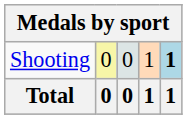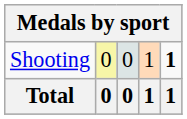 <table class="wikitable" style="font-size:90%; text-align:center;">
 <tr>
 <th colspan="5">Medals by sport</th>
 </tr>
 <tr>
 <td align="left"><a href='#'>Shooting</a></td>
 <td style="background:#F7F6A8;">0</td>
 <td style="background:#DCE5E5;">0</td>
 <td style="background:#FFDAB9;">1</td>
-<td style="background: lightblue;"><strong>1</strong></td>
+<td><strong>1</strong></td>
 </tr>
 <tr class="sortbottom">
 <th>Total</th>
 <th>0</th>
 <th>0</th>
 <th>1</th>
 <th>1</th>
 </tr>
 </table>
